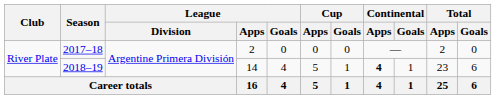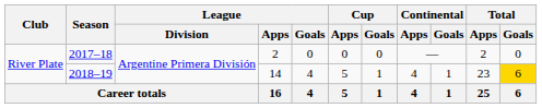 <table class="wikitable" style="text-align:center">
 <tr>
 <th rowspan="2">Club</th>
 <th rowspan="2">Season</th>
 <th colspan="3">League</th>
 <th colspan="2">Cup</th>
 <th colspan="2">Continental</th>
 <th colspan="2">Total</th>
 </tr>
 <tr>
 <th>Division</th>
 <th>Apps</th>
 <th>Goals</th>
 <th>Apps</th>
 <th>Goals</th>
 <th>Apps</th>
 <th>Goals</th>
 <th>Apps</th>
 <th>Goals</th>
 </tr>
 <tr>
 <td rowspan="2"><a href='#'>River Plate</a></td>
 <td><a href='#'>2017–18</a></td>
 <td rowspan="2"><a href='#'>Argentine Primera División</a></td>
 <td>2</td>
 <td>0</td>
 <td>0</td>
 <td>0</td>
 <td colspan="2">—</td>
 <td>2</td>
 <td>0</td>
 </tr>
 <tr>
 <td><a href='#'>2018–19</a></td>
 <td>14</td>
 <td>4</td>
 <td>5</td>
 <td>1</td>
-<td><strong>4</strong></td>
+<td>4</td>
 <td>1</td>
 <td>23</td>
-<td>6</td>
+<td style="background: gold;">6</td>
 </tr>
 <tr>
 <th colspan="3">Career totals</th>
 <th>16</th>
 <th>4</th>
 <th>5</th>
 <th>1</th>
 <th>4</th>
 <th>1</th>
 <th>25</th>
 <th>6</th>
 </tr>
 </table>
